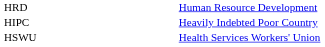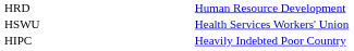 <table width="100%" style="text-verticalalign:top">
 <tr>
 <td width="20%">HRD</td>
 <td width="40%"><a href='#'>Human Resource Development</a></td>
 <td width="40%"></td>
 </tr>
 <tr>
+<td>HSWU</td>
+<td><a href='#'>Health Services Workers' Union</a></td>
+<td></td>
+</tr>
+<tr>
 <td>HIPC</td>
 <td><a href='#'>Heavily Indebted Poor Country</a></td>
 <td></td>
 </tr>
-<tr>
-<td>HSWU</td>
-<td><a href='#'>Health Services Workers' Union</a></td>
-<td></td>
-</tr>
 </table>
